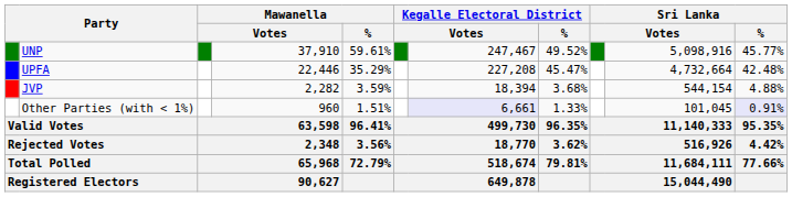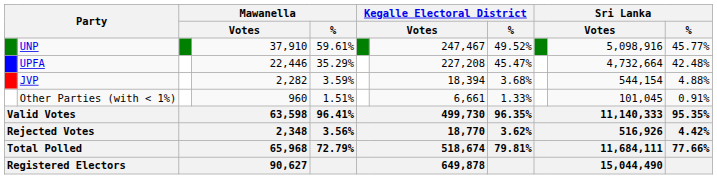 <table class="wikitable">
 <tr>
 <th colspan="2" width="144px"rowspan="2">Party</th>
 <th colspan="3" width="216px">Mawanella</th>
 <th colspan="3" width="216px"><a href='#'>Kegalle Electoral District</a></th>
 <th colspan="3" width="216px">Sri Lanka</th>
 </tr>
 <tr>
 <th colspan="2" width="144px">Votes</th>
 <th>%</th>
 <th colspan="2" width="144px">Votes</th>
 <th>%</th>
 <th colspan="2" width="144px">Votes</th>
 <th>%</th>
 </tr>
 <tr>
 <td style="background-color:green;" width="10px"></td>
 <td style="text-align:left;"><a href='#'>UNP</a></td>
 <td style="background-color:green;" width="10px"></td>
 <td style="text-align:right;">37,910</td>
 <td style="text-align:right;">59.61%</td>
 <td style="background-color:green;" width="10px"></td>
 <td style="text-align:right;">247,467</td>
 <td style="text-align:right;">49.52%</td>
 <td style="background-color:green;" width="10px"></td>
 <td style="text-align:right;">5,098,916</td>
 <td style="text-align:right;">45.77%</td>
 </tr>
 <tr>
 <td style="background-color:blue;" width="10px"></td>
 <td style="text-align:left;"><a href='#'>UPFA</a></td>
 <td style="background-color:white;" width="10px"></td>
 <td style="text-align:right;">22,446</td>
 <td style="text-align:right;">35.29%</td>
 <td style="background-color:white;" width="10px"></td>
 <td style="text-align:right;">227,208</td>
 <td style="text-align:right;">45.47%</td>
 <td style="background-color:white;" width="10px"></td>
 <td style="text-align:right;">4,732,664</td>
 <td style="text-align:right;">42.48%</td>
 </tr>
 <tr>
 <td style="background-color:red;" width="10px"></td>
 <td style="text-align:left;"><a href='#'>JVP</a></td>
 <td style="background-color:white;" width="10px"></td>
 <td style="text-align:right;">2,282</td>
 <td style="text-align:right;">3.59%</td>
 <td style="background-color:white;" width="10px"></td>
 <td style="text-align:right;">18,394</td>
 <td style="text-align:right;">3.68%</td>
 <td style="background-color:white;" width="10px"></td>
 <td style="text-align:right;">544,154</td>
 <td style="text-align:right;">4.88%</td>
 </tr>
 <tr>
 <td style="background-color:white;" width="10px"></td>
 <td style="text-align:left;">Other Parties (with < 1%)</td>
 <td style="background-color:white;" width="10px"></td>
 <td style="text-align:right;">960</td>
 <td style="text-align:right;">1.51%</td>
 <td style="background-color:white;" width="10px"></td>
-<td style="background: lavender; text-align:right;">6,661</td>
+<td style="text-align:right;">6,661</td>
 <td style="text-align:right;">1.33%</td>
 <td style="background-color:white;" width="10px"></td>
 <td style="text-align:right;">101,045</td>
-<td style="background: lavender; text-align:right;">0.91%</td>
+<td style="text-align:right;">0.91%</td>
 </tr>
 <tr>
 <th colspan="2" width="144px"style="text-align:left;">Valid Votes</th>
 <th style="text-align:right;"colspan="2" width="144px">63,598</th>
 <th style="text-align:right;">96.41%</th>
 <th style="text-align:right;"colspan="2" width="144px">499,730</th>
 <th style="text-align:right;">96.35%</th>
 <th style="text-align:right;"colspan="2" width="144px">11,140,333</th>
 <th style="text-align:right;">95.35%</th>
 </tr>
 <tr>
 <th colspan="2" width="144px"style="text-align:left;">Rejected Votes</th>
 <th style="text-align:right;"colspan="2" width="144px">2,348</th>
 <th style="text-align:right;">3.56%</th>
 <th style="text-align:right;"colspan="2" width="144px">18,770</th>
 <th style="text-align:right;">3.62%</th>
 <th style="text-align:right;"colspan="2" width="144px">516,926</th>
 <th style="text-align:right;">4.42%</th>
 </tr>
 <tr>
 <th colspan="2" width="144px"style="text-align:left;">Total Polled</th>
 <th style="text-align:right;"colspan="2" width="144px">65,968</th>
 <th style="text-align:right;">72.79%</th>
 <th style="text-align:right;"colspan="2" width="144px">518,674</th>
 <th style="text-align:right;">79.81%</th>
 <th style="text-align:right;"colspan="2" width="144px">11,684,111</th>
 <th style="text-align:right;">77.66%</th>
 </tr>
 <tr>
 <th colspan="2" width="144px"style="text-align:left;">Registered Electors</th>
 <th style="text-align:right;"colspan="2" width="144px">90,627</th>
 <th></th>
 <th style="text-align:right;"colspan="2" width="144px">649,878</th>
 <th></th>
 <th style="text-align:right;"colspan="2" width="144px">15,044,490</th>
 <th></th>
 </tr>
 </table>
